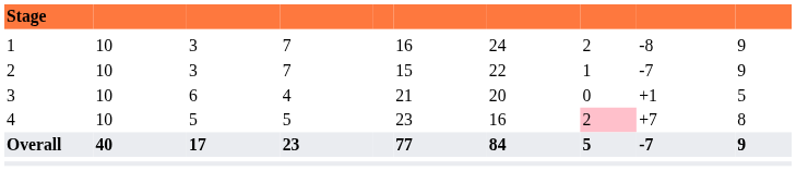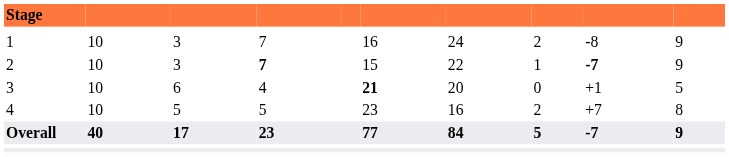 <table class="toccolours" border=0 cellpadding="2" cellspacing="0" style="font-size:95%; text-align:left; width:700px;">
 <tr align="left" style="background:#FE783E; color:#000000;">
 <th style="width:75px">Stage</th>
 <th></th>
 <th></th>
 <th></th>
 <th></th>
 <th></th>
 <th></th>
 <th></th>
 <th></th>
 <th></th>
 </tr>
 <tr>
 <td colspan = "10"></td>
 </tr>
 <tr>
 <td>1</td>
 <td>10</td>
 <td>3</td>
 <td>7</td>
 <td></td>
 <td>16</td>
 <td>24</td>
 <td>2</td>
 <td>-8</td>
 <td>9</td>
 </tr>
 <tr>
 <td>2</td>
 <td>10</td>
 <td>3</td>
-<td>7</td>
+<td><strong>7</strong></td>
 <td></td>
 <td>15</td>
 <td>22</td>
 <td>1</td>
-<td>-7</td>
+<td><strong>-7</strong></td>
 <td>9</td>
 </tr>
 <tr>
 <td>3</td>
 <td>10</td>
 <td>6</td>
 <td>4</td>
 <td></td>
-<td>21</td>
+<td><strong>21</strong></td>
 <td>20</td>
 <td>0</td>
 <td>+1</td>
 <td>5</td>
 </tr>
 <tr>
 <td>4</td>
 <td>10</td>
 <td>5</td>
 <td>5</td>
 <td></td>
 <td>23</td>
 <td>16</td>
-<td style="background: pink;">2</td>
+<td>2</td>
 <td>+7</td>
 <td>8</td>
 </tr>
 <tr style="background:#EAECF0;">
 <th>Overall</th>
 <th>40</th>
 <th>17</th>
 <th>23</th>
 <th></th>
 <th>77</th>
 <th>84</th>
 <th>5</th>
 <th>-7</th>
 <th>9</th>
 </tr>
 <tr>
 <td colspan="10"></td>
 </tr>
 <tr style="background:#EAECF0;">
 <td colspan="10" style="text-align:center;"></td>
 </tr>
 </table>
